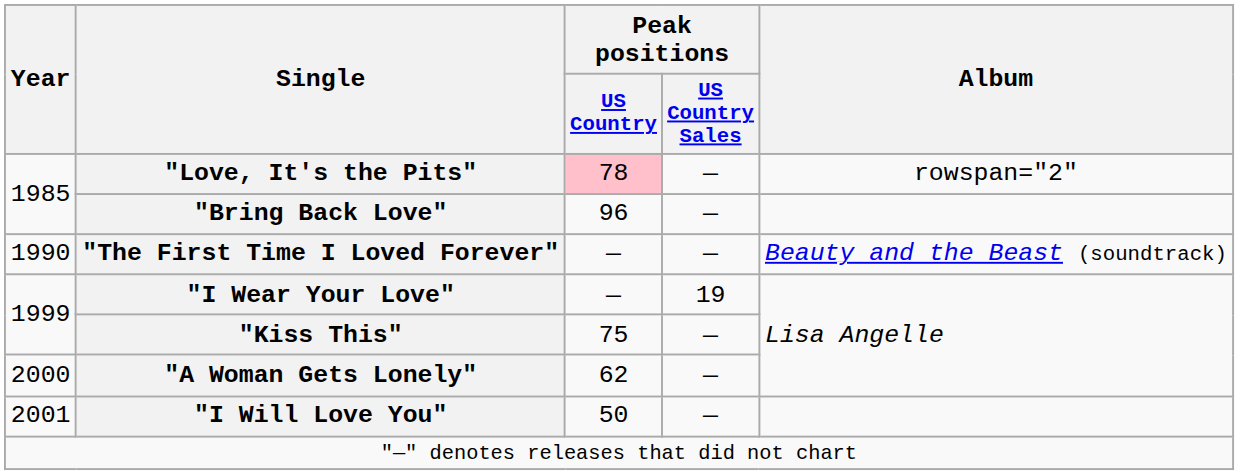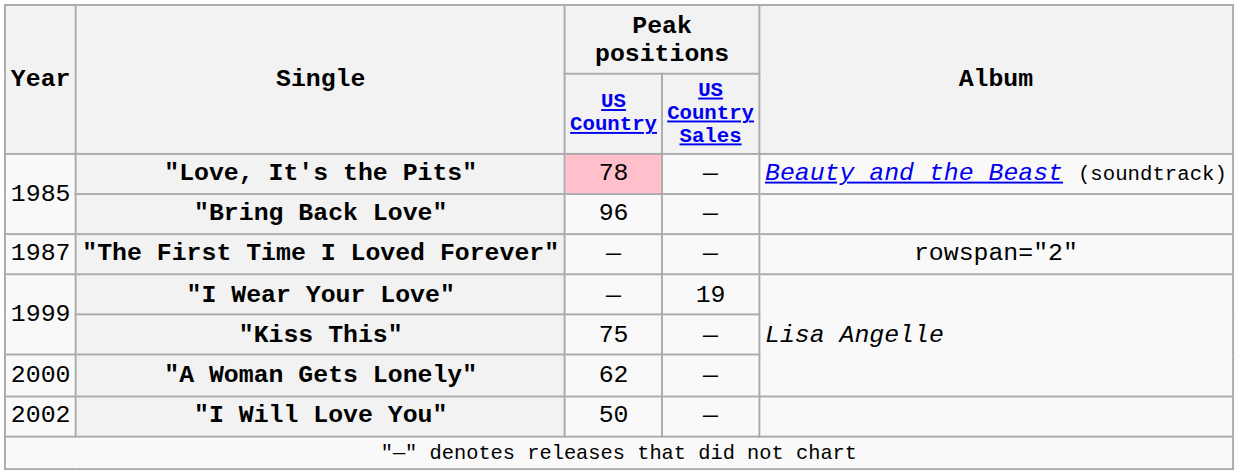 <table class="wikitable plainrowheaders" style="text-align:center;">
 <tr>
 <th rowspan="2">Year</th>
 <th rowspan="2">Single</th>
 <th colspan="2">Peak positions</th>
 <th rowspan="2">Album</th>
 </tr>
 <tr style="font-size:smaller;">
 <th width="45"><a href='#'>US Country</a><br></th>
 <th width="45"><a href='#'>US Country<br>Sales</a><br></th>
 </tr>
 <tr>
 <td rowspan="2">1985</td>
 <th scope="row">"Love, It's the Pits"</th>
 <td style="background: pink;">78</td>
 <td>—</td>
-<td>rowspan="2" </td>
+<td align="left"><em><a href='#'>Beauty and the Beast</a></em> <small>(soundtrack)</small></td>
 </tr>
 <tr>
 <th scope="row">"Bring Back Love"</th>
 <td>96</td>
 <td>—</td>
 </tr>
 <tr>
-<td>1990</td>
+<td>1987</td>
 <th scope="row">"The First Time I Loved Forever"</th>
 <td>—</td>
 <td>—</td>
-<td align="left"><em><a href='#'>Beauty and the Beast</a></em> <small>(soundtrack)</small></td>
+<td>rowspan="2" </td>
 </tr>
 <tr>
 <td rowspan="2">1999</td>
 <th scope="row">"I Wear Your Love"</th>
 <td>—</td>
 <td>19</td>
 <td align="left" rowspan="3"><em>Lisa Angelle</em></td>
 </tr>
 <tr>
 <th scope="row">"Kiss This"</th>
 <td>75</td>
 <td>—</td>
 </tr>
 <tr>
 <td>2000</td>
 <th scope="row">"A Woman Gets Lonely"</th>
 <td>62</td>
 <td>—</td>
 </tr>
 <tr>
-<td>2001</td>
+<td>2002</td>
 <th scope="row">"I Will Love You"</th>
 <td>50</td>
 <td>—</td>
 <td></td>
 </tr>
 <tr>
 <td colspan="5" style="font-size:8pt">"—" denotes releases that did not chart</td>
 </tr>
 </table>
